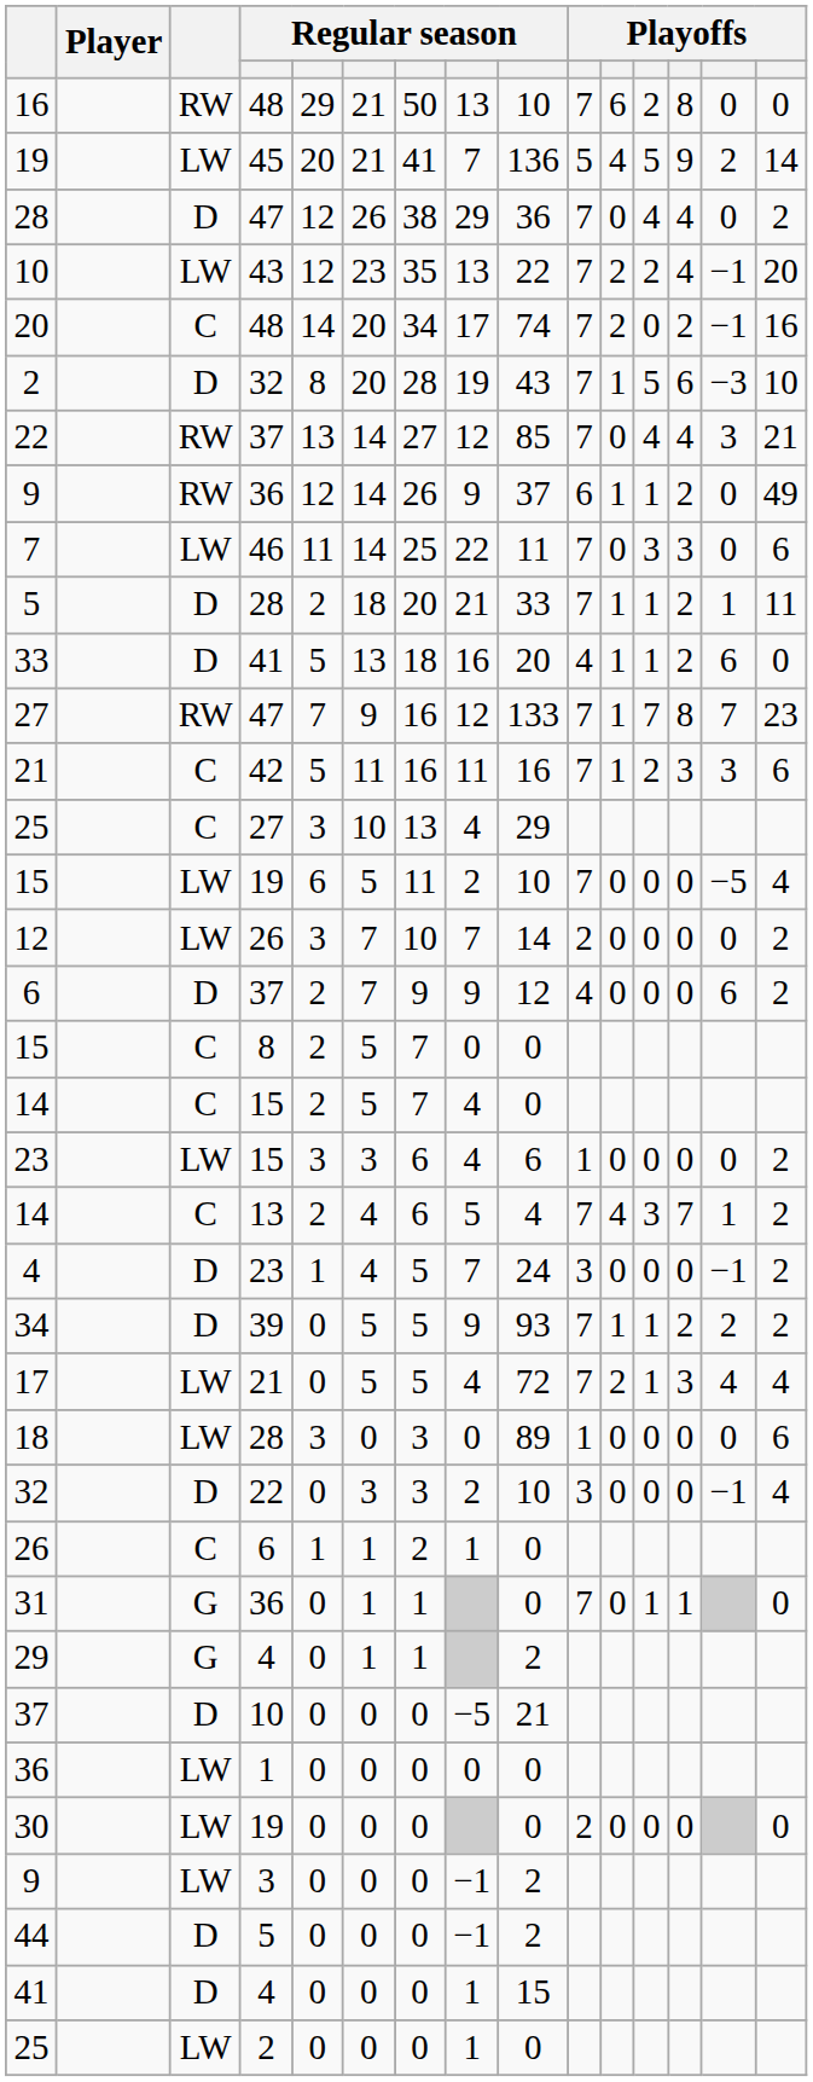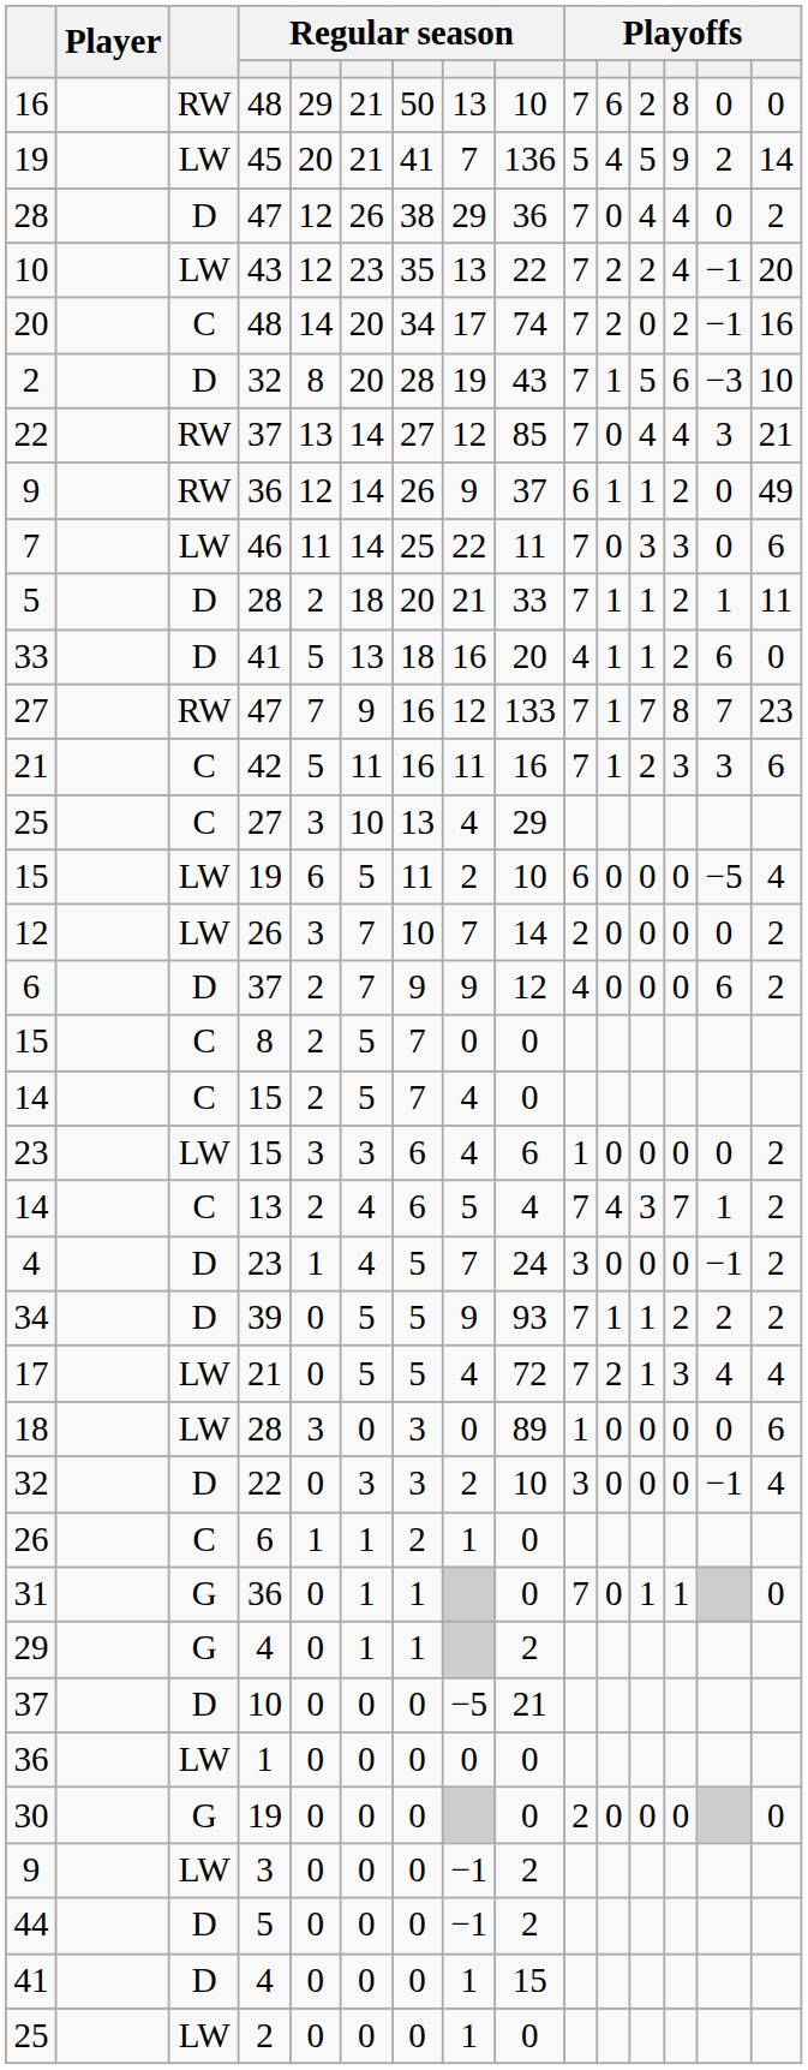 <table class="wikitable sortable plainrowheaders" style="text-align:center;">
 <tr>
 <th scope="col" data-sort-type="number" rowspan="2"></th>
 <th scope="col" rowspan="2">Player</th>
 <th scope="col" rowspan="2"></th>
 <th scope=colgroup colspan=6>Regular season</th>
 <th scope=colgroup colspan=6>Playoffs</th>
 </tr>
 <tr>
 <th scope="col" data-sort-type="number"></th>
 <th scope="col" data-sort-type="number"></th>
 <th scope="col" data-sort-type="number"></th>
 <th scope="col" data-sort-type="number"></th>
 <th scope="col" data-sort-type="number"></th>
 <th scope="col" data-sort-type="number"></th>
 <th scope="col" data-sort-type="number"></th>
 <th scope="col" data-sort-type="number"></th>
 <th scope="col" data-sort-type="number"></th>
 <th scope="col" data-sort-type="number"></th>
 <th scope="col" data-sort-type="number"></th>
 <th scope="col" data-sort-type="number"></th>
 </tr>
 <tr>
 <td scope="row">16</td>
 <td align="left"></td>
 <td>RW</td>
 <td>48</td>
 <td>29</td>
 <td>21</td>
 <td>50</td>
 <td>13</td>
 <td>10</td>
 <td>7</td>
 <td>6</td>
 <td>2</td>
 <td>8</td>
 <td>0</td>
 <td>0</td>
 </tr>
 <tr>
 <td scope="row">19</td>
 <td align="left"></td>
 <td>LW</td>
 <td>45</td>
 <td>20</td>
 <td>21</td>
 <td>41</td>
 <td>7</td>
 <td>136</td>
 <td>5</td>
 <td>4</td>
 <td>5</td>
 <td>9</td>
 <td>2</td>
 <td>14</td>
 </tr>
 <tr>
 <td scope="row">28</td>
 <td align="left"></td>
 <td>D</td>
 <td>47</td>
 <td>12</td>
 <td>26</td>
 <td>38</td>
 <td>29</td>
 <td>36</td>
 <td>7</td>
 <td>0</td>
 <td>4</td>
 <td>4</td>
 <td>0</td>
 <td>2</td>
 </tr>
 <tr>
 <td scope="row">10</td>
 <td align="left"></td>
 <td>LW</td>
 <td>43</td>
 <td>12</td>
 <td>23</td>
 <td>35</td>
 <td>13</td>
 <td>22</td>
 <td>7</td>
 <td>2</td>
 <td>2</td>
 <td>4</td>
 <td>−1</td>
 <td>20</td>
 </tr>
 <tr>
 <td scope="row">20</td>
 <td align="left"></td>
 <td>C</td>
 <td>48</td>
 <td>14</td>
 <td>20</td>
 <td>34</td>
 <td>17</td>
 <td>74</td>
 <td>7</td>
 <td>2</td>
 <td>0</td>
 <td>2</td>
 <td>−1</td>
 <td>16</td>
 </tr>
 <tr>
 <td scope="row">2</td>
 <td align="left"></td>
 <td>D</td>
 <td>32</td>
 <td>8</td>
 <td>20</td>
 <td>28</td>
 <td>19</td>
 <td>43</td>
 <td>7</td>
 <td>1</td>
 <td>5</td>
 <td>6</td>
 <td>−3</td>
 <td>10</td>
 </tr>
 <tr>
 <td scope="row">22</td>
 <td align="left"></td>
 <td>RW</td>
 <td>37</td>
 <td>13</td>
 <td>14</td>
 <td>27</td>
 <td>12</td>
 <td>85</td>
 <td>7</td>
 <td>0</td>
 <td>4</td>
 <td>4</td>
 <td>3</td>
 <td>21</td>
 </tr>
 <tr>
 <td scope="row">9</td>
 <td align="left"></td>
 <td>RW</td>
 <td>36</td>
 <td>12</td>
 <td>14</td>
 <td>26</td>
 <td>9</td>
 <td>37</td>
 <td>6</td>
 <td>1</td>
 <td>1</td>
 <td>2</td>
 <td>0</td>
 <td>49</td>
 </tr>
 <tr>
 <td scope="row">7</td>
 <td align="left"></td>
 <td>LW</td>
 <td>46</td>
 <td>11</td>
 <td>14</td>
 <td>25</td>
 <td>22</td>
 <td>11</td>
 <td>7</td>
 <td>0</td>
 <td>3</td>
 <td>3</td>
 <td>0</td>
 <td>6</td>
 </tr>
 <tr>
 <td scope="row">5</td>
 <td align="left"></td>
 <td>D</td>
 <td>28</td>
 <td>2</td>
 <td>18</td>
 <td>20</td>
 <td>21</td>
 <td>33</td>
 <td>7</td>
 <td>1</td>
 <td>1</td>
 <td>2</td>
 <td>1</td>
 <td>11</td>
 </tr>
 <tr>
 <td scope="row">33</td>
 <td align="left"></td>
 <td>D</td>
 <td>41</td>
 <td>5</td>
 <td>13</td>
 <td>18</td>
 <td>16</td>
 <td>20</td>
 <td>4</td>
 <td>1</td>
 <td>1</td>
 <td>2</td>
 <td>6</td>
 <td>0</td>
 </tr>
 <tr>
 <td scope="row">27</td>
 <td align="left"></td>
 <td>RW</td>
 <td>47</td>
 <td>7</td>
 <td>9</td>
 <td>16</td>
 <td>12</td>
 <td>133</td>
 <td>7</td>
 <td>1</td>
 <td>7</td>
 <td>8</td>
 <td>7</td>
 <td>23</td>
 </tr>
 <tr>
 <td scope="row">21</td>
 <td align="left"></td>
 <td>C</td>
 <td>42</td>
 <td>5</td>
 <td>11</td>
 <td>16</td>
 <td>11</td>
 <td>16</td>
 <td>7</td>
 <td>1</td>
 <td>2</td>
 <td>3</td>
 <td>3</td>
 <td>6</td>
 </tr>
 <tr>
 <td scope="row">25</td>
 <td align="left"></td>
 <td>C</td>
 <td>27</td>
 <td>3</td>
 <td>10</td>
 <td>13</td>
 <td>4</td>
 <td>29</td>
 <td></td>
 <td></td>
 <td></td>
 <td></td>
 <td></td>
 <td></td>
 </tr>
 <tr>
 <td scope="row">15</td>
 <td align="left"></td>
 <td>LW</td>
 <td>19</td>
 <td>6</td>
 <td>5</td>
 <td>11</td>
 <td>2</td>
 <td>10</td>
-<td>7</td>
+<td>6</td>
 <td>0</td>
 <td>0</td>
 <td>0</td>
 <td>−5</td>
 <td>4</td>
 </tr>
 <tr>
 <td scope="row">12</td>
 <td align="left"></td>
 <td>LW</td>
 <td>26</td>
 <td>3</td>
 <td>7</td>
 <td>10</td>
 <td>7</td>
 <td>14</td>
 <td>2</td>
 <td>0</td>
 <td>0</td>
 <td>0</td>
 <td>0</td>
 <td>2</td>
 </tr>
 <tr>
 <td scope="row">6</td>
 <td align="left"></td>
 <td>D</td>
 <td>37</td>
 <td>2</td>
 <td>7</td>
 <td>9</td>
 <td>9</td>
 <td>12</td>
 <td>4</td>
 <td>0</td>
 <td>0</td>
 <td>0</td>
 <td>6</td>
 <td>2</td>
 </tr>
 <tr>
 <td scope="row">15</td>
 <td align="left"></td>
 <td>C</td>
 <td>8</td>
 <td>2</td>
 <td>5</td>
 <td>7</td>
 <td>0</td>
 <td>0</td>
 <td></td>
 <td></td>
 <td></td>
 <td></td>
 <td></td>
 <td></td>
 </tr>
 <tr>
 <td scope="row">14</td>
 <td align="left"></td>
 <td>C</td>
 <td>15</td>
 <td>2</td>
 <td>5</td>
 <td>7</td>
 <td>4</td>
 <td>0</td>
 <td></td>
 <td></td>
 <td></td>
 <td></td>
 <td></td>
 <td></td>
 </tr>
 <tr>
 <td scope="row">23</td>
 <td align="left"></td>
 <td>LW</td>
 <td>15</td>
 <td>3</td>
 <td>3</td>
 <td>6</td>
 <td>4</td>
 <td>6</td>
 <td>1</td>
 <td>0</td>
 <td>0</td>
 <td>0</td>
 <td>0</td>
 <td>2</td>
 </tr>
 <tr>
 <td scope="row">14</td>
 <td align="left"></td>
 <td>C</td>
 <td>13</td>
 <td>2</td>
 <td>4</td>
 <td>6</td>
 <td>5</td>
 <td>4</td>
 <td>7</td>
 <td>4</td>
 <td>3</td>
 <td>7</td>
 <td>1</td>
 <td>2</td>
 </tr>
 <tr>
 <td scope="row">4</td>
 <td align="left"></td>
 <td>D</td>
 <td>23</td>
 <td>1</td>
 <td>4</td>
 <td>5</td>
 <td>7</td>
 <td>24</td>
 <td>3</td>
 <td>0</td>
 <td>0</td>
 <td>0</td>
 <td>−1</td>
 <td>2</td>
 </tr>
 <tr>
 <td scope="row">34</td>
 <td align="left"></td>
 <td>D</td>
 <td>39</td>
 <td>0</td>
 <td>5</td>
 <td>5</td>
 <td>9</td>
 <td>93</td>
 <td>7</td>
 <td>1</td>
 <td>1</td>
 <td>2</td>
 <td>2</td>
 <td>2</td>
 </tr>
 <tr>
 <td scope="row">17</td>
 <td align="left"></td>
 <td>LW</td>
 <td>21</td>
 <td>0</td>
 <td>5</td>
 <td>5</td>
 <td>4</td>
 <td>72</td>
 <td>7</td>
 <td>2</td>
 <td>1</td>
 <td>3</td>
 <td>4</td>
 <td>4</td>
 </tr>
 <tr>
 <td scope="row">18</td>
 <td align="left"></td>
 <td>LW</td>
 <td>28</td>
 <td>3</td>
 <td>0</td>
 <td>3</td>
 <td>0</td>
 <td>89</td>
 <td>1</td>
 <td>0</td>
 <td>0</td>
 <td>0</td>
 <td>0</td>
 <td>6</td>
 </tr>
 <tr>
 <td scope="row">32</td>
 <td align="left"></td>
 <td>D</td>
 <td>22</td>
 <td>0</td>
 <td>3</td>
 <td>3</td>
 <td>2</td>
 <td>10</td>
 <td>3</td>
 <td>0</td>
 <td>0</td>
 <td>0</td>
 <td>−1</td>
 <td>4</td>
 </tr>
 <tr>
 <td scope="row">26</td>
 <td align="left"></td>
 <td>C</td>
 <td>6</td>
 <td>1</td>
 <td>1</td>
 <td>2</td>
 <td>1</td>
 <td>0</td>
 <td></td>
 <td></td>
 <td></td>
 <td></td>
 <td></td>
 <td></td>
 </tr>
 <tr>
 <td scope="row">31</td>
 <td align="left"></td>
 <td>G</td>
 <td>36</td>
 <td>0</td>
 <td>1</td>
 <td>1</td>
 <td style="background:#ccc"></td>
 <td>0</td>
 <td>7</td>
 <td>0</td>
 <td>1</td>
 <td>1</td>
 <td style="background:#ccc"></td>
 <td>0</td>
 </tr>
 <tr>
 <td scope="row">29</td>
 <td align="left"></td>
 <td>G</td>
 <td>4</td>
 <td>0</td>
 <td>1</td>
 <td>1</td>
 <td style="background:#ccc"></td>
 <td>2</td>
 <td></td>
 <td></td>
 <td></td>
 <td></td>
 <td></td>
 <td></td>
 </tr>
 <tr>
 <td scope="row">37</td>
 <td align="left"></td>
 <td>D</td>
 <td>10</td>
 <td>0</td>
 <td>0</td>
 <td>0</td>
 <td>−5</td>
 <td>21</td>
 <td></td>
 <td></td>
 <td></td>
 <td></td>
 <td></td>
 <td></td>
 </tr>
 <tr>
 <td scope="row">36</td>
 <td align="left"></td>
 <td>LW</td>
 <td>1</td>
 <td>0</td>
 <td>0</td>
 <td>0</td>
 <td>0</td>
 <td>0</td>
 <td></td>
 <td></td>
 <td></td>
 <td></td>
 <td></td>
 <td></td>
 </tr>
 <tr>
 <td scope="row">30</td>
 <td align="left"></td>
-<td>LW</td>
+<td>G</td>
 <td>19</td>
 <td>0</td>
 <td>0</td>
 <td>0</td>
 <td style="background:#ccc"></td>
 <td>0</td>
 <td>2</td>
 <td>0</td>
 <td>0</td>
 <td>0</td>
 <td style="background:#ccc"></td>
 <td>0</td>
 </tr>
 <tr>
 <td scope="row">9</td>
 <td align="left"></td>
 <td>LW</td>
 <td>3</td>
 <td>0</td>
 <td>0</td>
 <td>0</td>
 <td>−1</td>
 <td>2</td>
 <td></td>
 <td></td>
 <td></td>
 <td></td>
 <td></td>
 <td></td>
 </tr>
 <tr>
 <td scope="row">44</td>
 <td align="left"></td>
 <td>D</td>
 <td>5</td>
 <td>0</td>
 <td>0</td>
 <td>0</td>
 <td>−1</td>
 <td>2</td>
 <td></td>
 <td></td>
 <td></td>
 <td></td>
 <td></td>
 <td></td>
 </tr>
 <tr>
 <td scope="row">41</td>
 <td align="left"></td>
 <td>D</td>
 <td>4</td>
 <td>0</td>
 <td>0</td>
 <td>0</td>
 <td>1</td>
 <td>15</td>
 <td></td>
 <td></td>
 <td></td>
 <td></td>
 <td></td>
 <td></td>
 </tr>
 <tr>
 <td scope="row">25</td>
 <td align="left"></td>
 <td>LW</td>
 <td>2</td>
 <td>0</td>
 <td>0</td>
 <td>0</td>
 <td>1</td>
 <td>0</td>
 <td></td>
 <td></td>
 <td></td>
 <td></td>
 <td></td>
 <td></td>
 </tr>
 </table>
